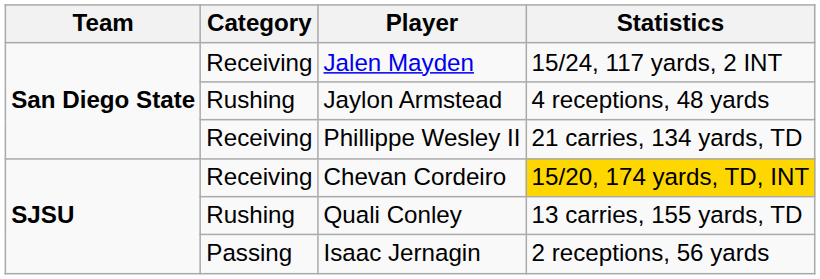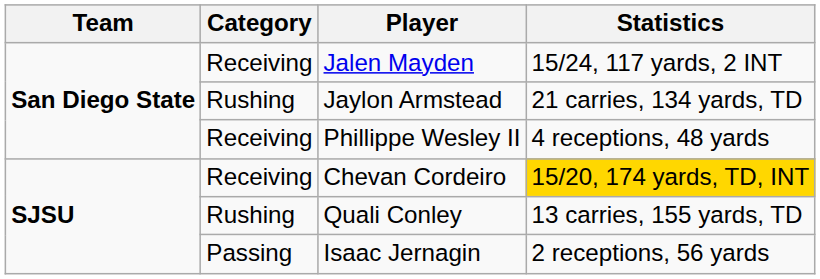 <table class="wikitable" style="float: right;">
 <tr>
 <th>Team</th>
 <th>Category</th>
 <th>Player</th>
 <th>Statistics</th>
 </tr>
 <tr>
 <td rowspan=3><strong>San Diego State</strong></td>
 <td>Receiving</td>
 <td><a href='#'>Jalen Mayden</a></td>
 <td>15/24, 117 yards, 2 INT</td>
 </tr>
 <tr>
 <td>Rushing</td>
 <td>Jaylon Armstead</td>
-<td>4 receptions, 48 yards</td>
+<td>21 carries, 134 yards, TD</td>
 </tr>
 <tr>
 <td>Receiving</td>
 <td>Phillippe Wesley II</td>
-<td>21 carries, 134 yards, TD</td>
+<td>4 receptions, 48 yards</td>
 </tr>
 <tr>
 <td rowspan=3><strong>SJSU</strong></td>
 <td>Receiving</td>
 <td>Chevan Cordeiro</td>
 <td style="background: gold;">15/20, 174 yards, TD, INT</td>
 </tr>
 <tr>
 <td>Rushing</td>
 <td>Quali Conley</td>
 <td>13 carries, 155 yards, TD</td>
 </tr>
 <tr>
 <td>Passing</td>
 <td>Isaac Jernagin</td>
 <td>2 receptions, 56 yards</td>
 </tr>
 </table>
